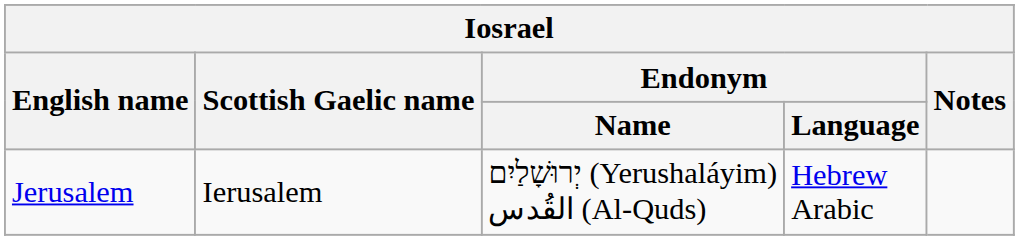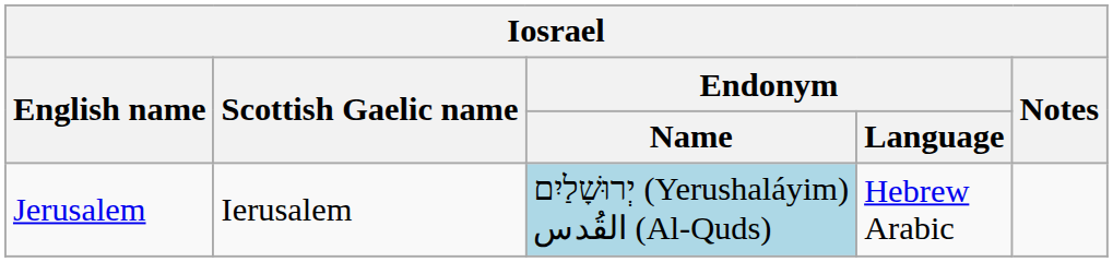 <table class="wikitable sortable">
 <tr>
 <th colspan="5"> Iosrael</th>
 </tr>
 <tr>
 <th rowspan="2">English name</th>
 <th rowspan="2">Scottish Gaelic name</th>
 <th colspan="2">Endonym</th>
 <th rowspan="2">Notes</th>
 </tr>
 <tr>
 <th>Name</th>
 <th>Language</th>
 </tr>
 <tr>
 <td><a href='#'>Jerusalem</a></td>
 <td>Ierusalem</td>
-<td>יְרוּשָׁלַיִם (Yerushaláyim)<br>القُدس (Al-Quds)</td>
+<td style="background: lightblue;">יְרוּשָׁלַיִם (Yerushaláyim)<br>القُدس (Al-Quds)</td>
 <td><a href='#'>Hebrew</a><br>Arabic</td>
 <td></td>
 </tr>
 </table>
